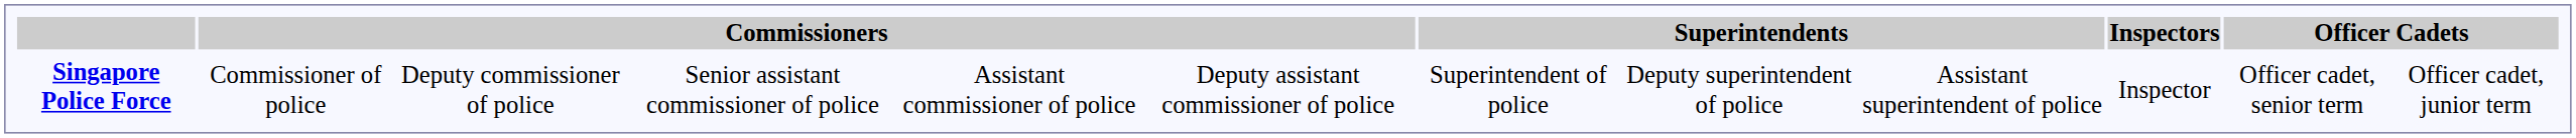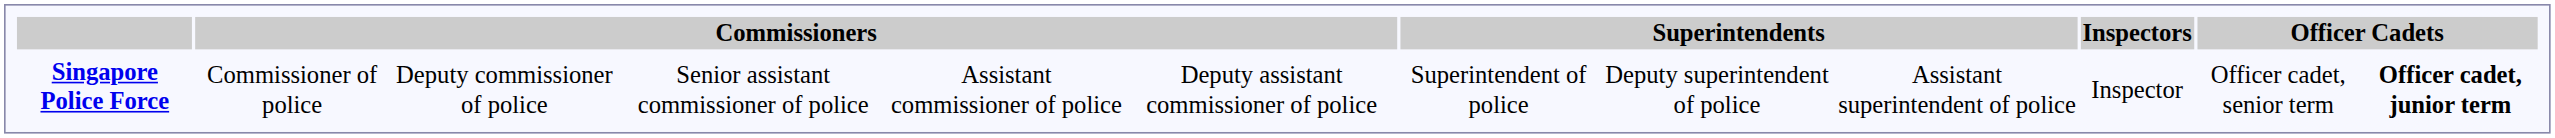 <table style="border:1px solid #8888aa; background-color:#f7f8ff; padding:5px; font-size:95%; margin: 0px 12px 12px 0px;">
 <tr style="background-color:#CCCCCC;">
 <th></th>
 <th colspan=5>Commissioners</th>
 <th colspan=3>Superintendents</th>
 <th colspan=1>Inspectors</th>
 <th colspan=2>Officer Cadets</th>
 </tr>
 <tr style="text-align:center;">
 <td rowspan=2> <strong><a href='#'>Singapore Police Force</a></strong></td>
 <td></td>
 <td></td>
 <td></td>
 <td></td>
 <td></td>
 <td></td>
 <td></td>
 <td></td>
 <td></td>
 <td></td>
 <td></td>
 </tr>
 <tr style="text-align:center;">
 <td>Commissioner of police</td>
 <td>Deputy commissioner of police</td>
 <td>Senior assistant commissioner of police</td>
 <td>Assistant commissioner of police</td>
 <td>Deputy assistant commissioner of police</td>
 <td>Superintendent of police</td>
 <td>Deputy superintendent of police</td>
 <td>Assistant superintendent of police</td>
 <td>Inspector</td>
 <td>Officer cadet, senior term</td>
-<td>Officer cadet, junior term</td>
+<td><strong>Officer cadet, junior term</strong></td>
 </tr>
 </table>
